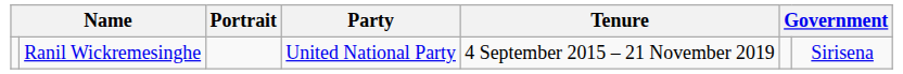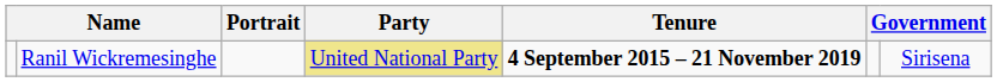 <table class="wikitable" style="margin: 1em auto; font-size:90%; text-align:center;">
 <tr>
 <th colspan="2">Name</th>
 <th>Portrait</th>
 <th>Party</th>
 <th>Tenure</th>
 <th colspan="2"><a href='#'>Government</a></th>
 </tr>
 <tr>
 <td !align="center" style="background:"></td>
 <td><a href='#'>Ranil Wickremesinghe</a></td>
 <td></td>
-<td><a href='#'>United National Party</a></td>
-<td>4 September 2015 – 21 November 2019</td>
+<td style="background: khaki;"><a href='#'>United National Party</a></td>
+<td><strong>4 September 2015 – 21 November 2019</strong></td>
 <td !align="center" style="background:"></td>
 <td><a href='#'>Sirisena</a></td>
 </tr>
 </table>
